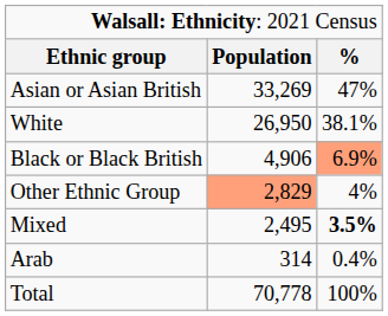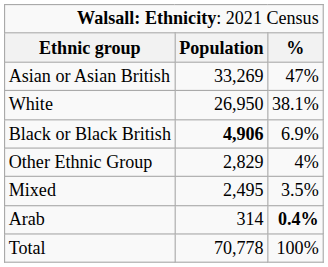 <table class="wikitable">
 <tr>
 <td colspan="14" style="text-align:right;"><strong>Walsall: Ethnicity</strong>: 2021 Census</td>
 </tr>
 <tr>
 <th>Ethnic group</th>
 <th>Population</th>
 <th>%</th>
 </tr>
 <tr>
 <td>Asian or Asian British</td>
 <td style="text-align:right;">33,269</td>
 <td style="text-align:right;">47%</td>
 </tr>
 <tr>
 <td>White</td>
 <td style="text-align:right;">26,950</td>
 <td style="text-align:right;">38.1%</td>
 </tr>
 <tr>
 <td>Black or Black British</td>
-<td style="text-align:right;">4,906</td>
-<td style="background: lightsalmon; text-align:right;">6.9%</td>
+<td style="text-align:right;"><strong>4,906</strong></td>
+<td style="text-align:right;">6.9%</td>
 </tr>
 <tr>
 <td>Other Ethnic Group</td>
-<td style="background: lightsalmon; text-align:right;">2,829</td>
+<td style="text-align:right;">2,829</td>
 <td style="text-align:right;">4%</td>
 </tr>
 <tr>
 <td>Mixed</td>
 <td style="text-align:right;">2,495</td>
-<td style="text-align:right;"><strong>3.5%</strong></td>
+<td style="text-align:right;">3.5%</td>
 </tr>
 <tr>
 <td>Arab</td>
 <td style="text-align:right;">314</td>
-<td style="text-align:right;">0.4%</td>
+<td style="text-align:right;"><strong>0.4%</strong></td>
 </tr>
 <tr>
 <td>Total</td>
 <td style="text-align:right;">70,778</td>
 <td style="text-align:right;">100%</td>
 </tr>
 </table>
